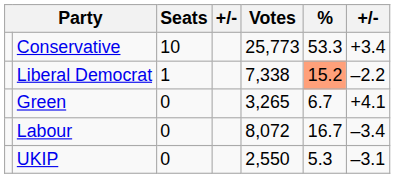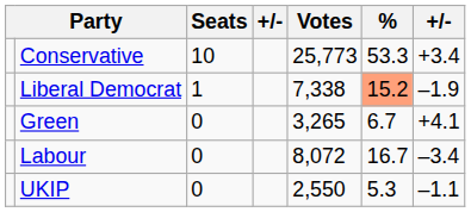 <table class="wikitable sortable">
 <tr>
 <th colspan="2">Party</th>
 <th>Seats</th>
 <th>+/-</th>
 <th>Votes</th>
 <th>%</th>
 <th>+/-</th>
 </tr>
 <tr>
 <td style="background-color: "></td>
 <td><a href='#'>Conservative</a></td>
 <td>10</td>
 <td></td>
 <td>25,773</td>
 <td>53.3</td>
 <td><span>+3.4</span></td>
 </tr>
 <tr>
 <td style="background-color: "></td>
 <td><a href='#'>Liberal Democrat</a></td>
 <td>1</td>
 <td></td>
 <td>7,338</td>
 <td style="background: lightsalmon;">15.2</td>
-<td><span>–2.2</span></td>
+<td><span>–1.9</span></td>
 </tr>
 <tr>
 <td style="background-color: "></td>
 <td><a href='#'>Green</a></td>
 <td>0</td>
 <td></td>
 <td>3,265</td>
 <td>6.7</td>
 <td><span>+4.1</span></td>
 </tr>
 <tr>
 <td style="background-color: "></td>
 <td><a href='#'>Labour</a></td>
 <td>0</td>
 <td></td>
 <td>8,072</td>
 <td>16.7</td>
 <td><span>–3.4</span></td>
 </tr>
 <tr>
 <td style="background-color: "></td>
 <td><a href='#'>UKIP</a></td>
 <td>0</td>
 <td></td>
 <td>2,550</td>
 <td>5.3</td>
-<td><span>–3.1</span></td>
+<td><span>–1.1</span></td>
 </tr>
 </table>
